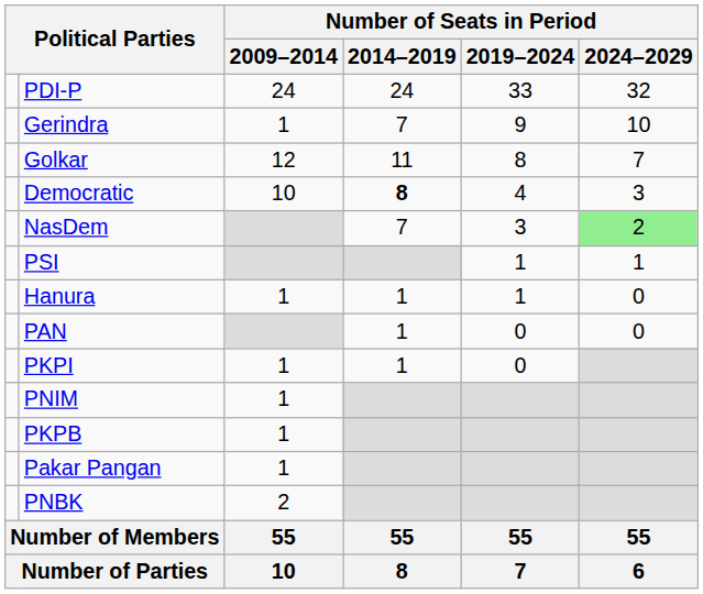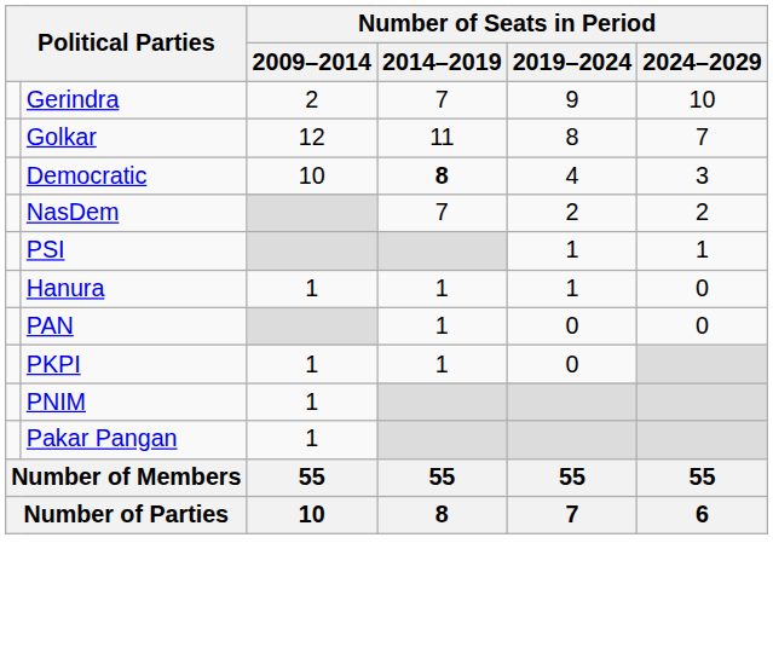 <table class="wikitable sortable">
 <tr>
 <th rowspan="2" colspan="2">Political Parties</th>
 <th colspan="4">Number of Seats in Period</th>
 </tr>
 <tr>
 <th>2009–2014</th>
 <th>2014–2019</th>
 <th>2019–2024</th>
 <th>2024–2029</th>
 </tr>
 <tr>
 <td bgcolor=></td>
-<td><a href='#'>PDI-P</a></td>
-<td align="center">24</td>
-<td align="center"> 24</td>
-<td align="center"> 33</td>
-<td align="center"> 32</td>
-</tr>
-<tr>
-<td bgcolor=></td>
 <td><a href='#'>Gerindra</a></td>
-<td align=center> 1</td>
+<td align=center> 2</td>
 <td align=center> 7</td>
 <td align=center> 9</td>
 <td align=center> 10</td>
 </tr>
 <tr>
 <td bgcolor=></td>
 <td><a href='#'>Golkar</a></td>
 <td align=center>12</td>
 <td align=center> 11</td>
 <td align=center> 8</td>
 <td align=center> 7</td>
 </tr>
 <tr>
 <td bgcolor=></td>
 <td><a href='#'>Democratic</a></td>
 <td align=center>10</td>
 <td align="center"><strong> 8</strong></td>
 <td align="center"> 4</td>
 <td align="center"> 3</td>
 </tr>
 <tr>
 <td bgcolor=></td>
 <td><a href='#'>NasDem</a></td>
 <td align="center" bgcolor="#DCDCDC"></td>
 <td align=center> 7</td>
-<td align=center> 3</td>
-<td align=center style="background: lightgreen;"> 2</td>
+<td align=center> 2</td>
+<td align=center> 2</td>
 </tr>
 <tr>
 <td bgcolor=></td>
 <td><a href='#'>PSI</a></td>
 <td align="center" bgcolor="#DCDCDC"></td>
 <td align="center" bgcolor="#DCDCDC"></td>
 <td align="center"> 1</td>
 <td align="center"> 1</td>
 </tr>
 <tr>
 <td bgcolor=></td>
 <td><a href='#'>Hanura</a></td>
 <td align="center"> 1</td>
 <td align="center"> 1</td>
 <td align="center"> 1</td>
 <td align="center"> 0</td>
 </tr>
 <tr>
 <td bgcolor=></td>
 <td><a href='#'>PAN</a></td>
 <td align="center" bgcolor="#DCDCDC"></td>
 <td align=center> 1</td>
 <td align=center> 0</td>
 <td align=center> 0</td>
 </tr>
 <tr>
 <td bgcolor=></td>
 <td><a href='#'>PKPI</a></td>
 <td align=center> 1</td>
 <td align=center> 1</td>
 <td align=center> 0</td>
 <td align="center" bgcolor="#DCDCDC"></td>
 </tr>
 <tr>
 <td bgcolor=></td>
 <td><a href='#'>PNIM</a></td>
 <td align=center> 1</td>
 <td align="center" bgcolor="#DCDCDC"></td>
 <td align="center" bgcolor="#DCDCDC"></td>
 <td align="center" bgcolor="#DCDCDC"></td>
 </tr>
 <tr>
 <td bgcolor=></td>
-<td><a href='#'>PKPB</a></td>
-<td align=center> 1</td>
-<td align="center" bgcolor="#DCDCDC"></td>
-<td align="center" bgcolor="#DCDCDC"></td>
-<td align="center" bgcolor="#DCDCDC"></td>
-</tr>
-<tr>
-<td bgcolor=></td>
 <td><a href='#'>Pakar Pangan</a></td>
 <td align=center> 1</td>
-<td align="center" bgcolor="#DCDCDC"></td>
-<td align="center" bgcolor="#DCDCDC"></td>
-<td align="center" bgcolor="#DCDCDC"></td>
-</tr>
-<tr>
-<td bgcolor=></td>
-<td><a href='#'>PNBK</a></td>
-<td align=center> 2</td>
 <td align="center" bgcolor="#DCDCDC"></td>
 <td align="center" bgcolor="#DCDCDC"></td>
 <td align="center" bgcolor="#DCDCDC"></td>
 </tr>
 <tr>
 <th colspan="2">Number of Members</th>
 <th>55</th>
 <th> 55</th>
 <th> 55</th>
 <th> 55</th>
 </tr>
 <tr>
 <th colspan="2">Number of Parties</th>
 <th>10</th>
 <th> 8</th>
 <th> 7</th>
 <th> 6</th>
 </tr>
 </table>
